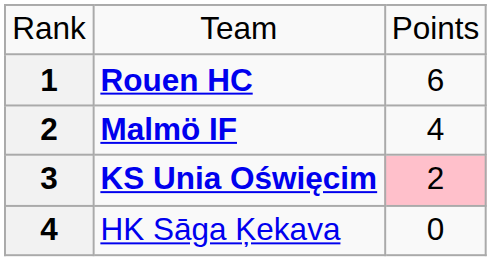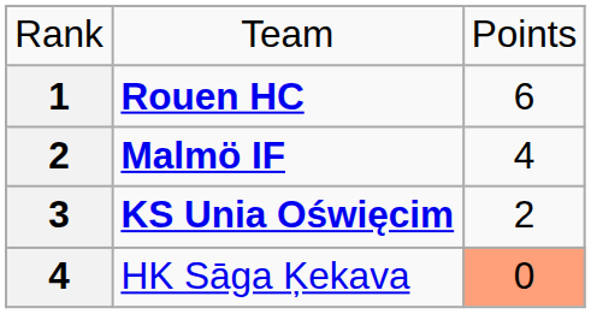 <table class="wikitable" style="text-align: center;">
 <tr>
 <td>Rank</td>
 <td>Team</td>
 <td>Points</td>
 </tr>
 <tr>
 <th>1</th>
 <td style="text-align: left;"> <strong><a href='#'>Rouen HC</a></strong></td>
 <td>6</td>
 </tr>
 <tr>
 <th>2</th>
 <td style="text-align: left;"> <strong><a href='#'>Malmö IF</a></strong></td>
 <td>4</td>
 </tr>
 <tr>
 <th>3</th>
 <td style="text-align: left;"> <strong><a href='#'>KS Unia Oświęcim</a></strong></td>
-<td style="background: pink;">2</td>
+<td>2</td>
 </tr>
 <tr>
 <th>4</th>
 <td style="text-align: left;"> <a href='#'>HK Sāga Ķekava</a></td>
-<td>0</td>
+<td style="background: lightsalmon;">0</td>
 </tr>
 </table>
